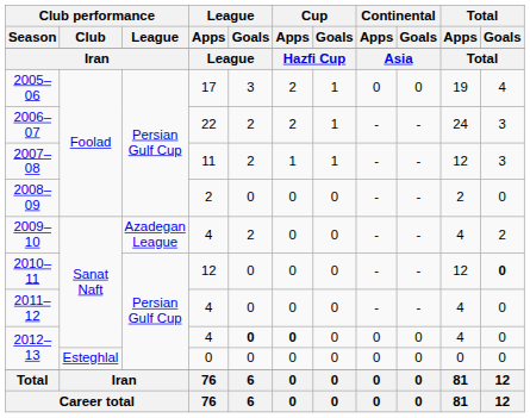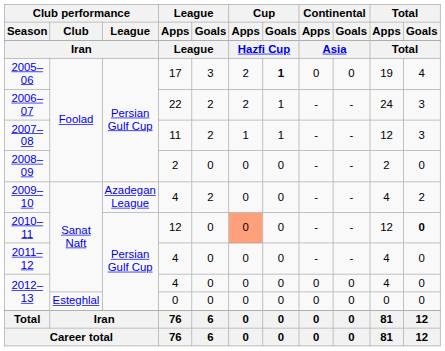 <table class="wikitable" style="text-align:center">
 <tr>
 <th colspan=3>Club performance</th>
 <th colspan=2>League</th>
 <th colspan=2>Cup</th>
 <th colspan=2>Continental</th>
 <th colspan=2>Total</th>
 </tr>
 <tr>
 <th>Season</th>
 <th>Club</th>
 <th>League</th>
 <th>Apps</th>
 <th>Goals</th>
 <th>Apps</th>
 <th>Goals</th>
 <th>Apps</th>
 <th>Goals</th>
 <th>Apps</th>
 <th>Goals</th>
 </tr>
 <tr>
 </tr>
 <tr>
 <th colspan=3>Iran</th>
 <th colspan=2>League</th>
 <th colspan=2><a href='#'>Hazfi Cup</a></th>
 <th colspan=2><a href='#'>Asia</a></th>
 <th colspan=2>Total</th>
 </tr>
 <tr>
 <td><a href='#'>2005–06</a></td>
 <td rowspan="4"><a href='#'>Foolad</a></td>
 <td rowspan="4"><a href='#'>Persian Gulf Cup</a></td>
 <td>17</td>
 <td>3</td>
 <td>2</td>
-<td>1</td>
+<td><strong>1</strong></td>
 <td>0</td>
 <td>0</td>
 <td>19</td>
 <td>4</td>
 </tr>
 <tr>
 <td><a href='#'>2006–07</a></td>
 <td>22</td>
 <td>2</td>
 <td>2</td>
 <td>1</td>
 <td>-</td>
 <td>-</td>
 <td>24</td>
 <td>3</td>
 </tr>
 <tr>
 <td><a href='#'>2007–08</a></td>
 <td>11</td>
 <td>2</td>
 <td>1</td>
 <td>1</td>
 <td>-</td>
 <td>-</td>
 <td>12</td>
 <td>3</td>
 </tr>
 <tr>
 <td><a href='#'>2008–09</a></td>
 <td>2</td>
 <td>0</td>
 <td>0</td>
 <td>0</td>
 <td>-</td>
 <td>-</td>
 <td>2</td>
 <td>0</td>
 </tr>
 <tr>
 <td><a href='#'>2009–10</a></td>
 <td rowspan="4"><a href='#'>Sanat Naft</a></td>
 <td rowspan="1"><a href='#'>Azadegan League</a></td>
 <td>4</td>
 <td>2</td>
 <td>0</td>
 <td>0</td>
 <td>-</td>
 <td>-</td>
 <td>4</td>
 <td>2</td>
 </tr>
 <tr>
 <td><a href='#'>2010–11</a></td>
 <td rowspan="4"><a href='#'>Persian Gulf Cup</a></td>
 <td>12</td>
 <td>0</td>
-<td>0</td>
+<td style="background: lightsalmon;">0</td>
 <td>0</td>
 <td>-</td>
 <td>-</td>
 <td>12</td>
 <td><strong>0</strong></td>
 </tr>
 <tr>
 <td><a href='#'>2011–12</a></td>
 <td>4</td>
 <td>0</td>
 <td>0</td>
 <td>0</td>
 <td>-</td>
 <td>-</td>
 <td>4</td>
 <td>0</td>
 </tr>
 <tr>
 <td rowspan="2"><a href='#'>2012–13</a></td>
 <td>4</td>
-<td><strong>0</strong></td>
-<td><strong>0</strong></td>
+<td>0</td>
+<td>0</td>
 <td>0</td>
 <td>0</td>
 <td>0</td>
 <td>4</td>
 <td>0</td>
 </tr>
 <tr>
 <td rowspan="1"><a href='#'>Esteghlal</a></td>
 <td>0</td>
 <td>0</td>
 <td>0</td>
 <td>0</td>
 <td>0</td>
 <td>0</td>
 <td>0</td>
 <td>0</td>
 </tr>
 <tr>
 </tr>
 <tr>
 <th rowspan=1>Total</th>
 <th colspan=2>Iran</th>
 <th>76</th>
 <th>6</th>
 <th>0</th>
 <th>0</th>
 <th>0</th>
 <th>0</th>
 <th>81</th>
 <th>12</th>
 </tr>
 <tr>
 <th colspan=3>Career total</th>
 <th>76</th>
 <th>6</th>
 <th>0</th>
 <th>0</th>
 <th>0</th>
 <th>0</th>
 <th>81</th>
 <th>12</th>
 </tr>
 </table>
